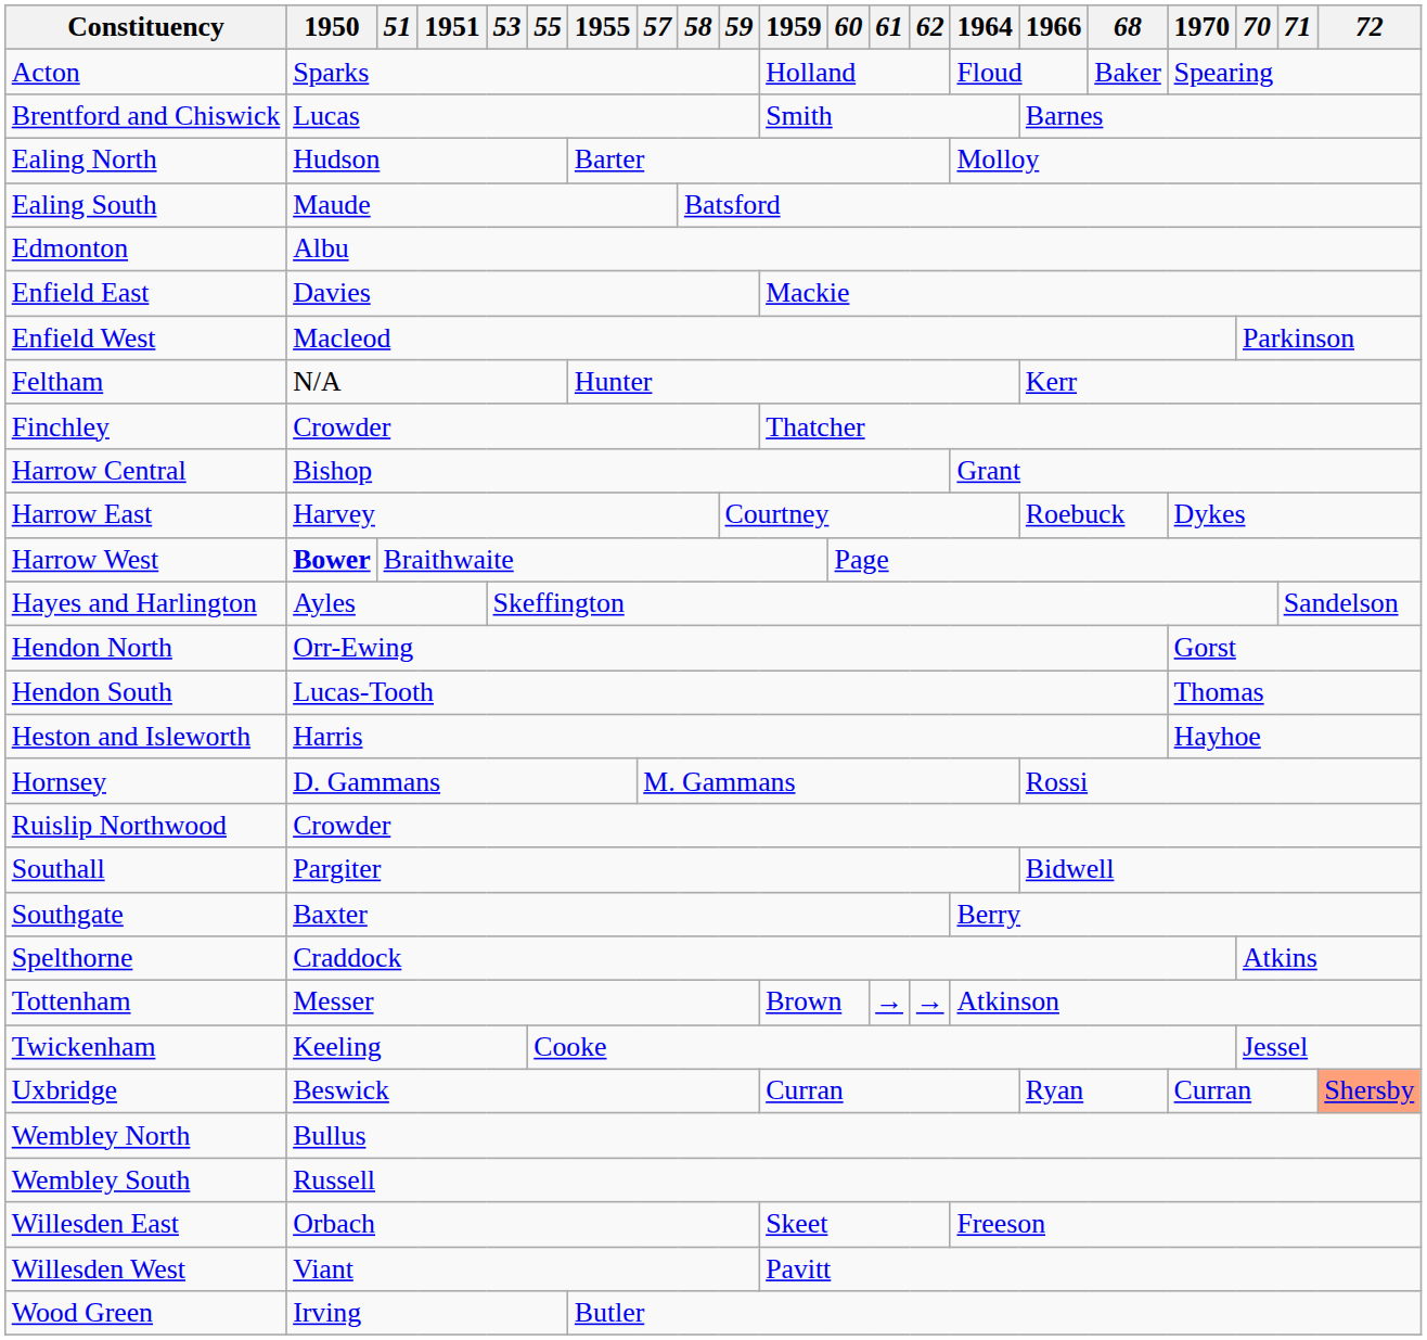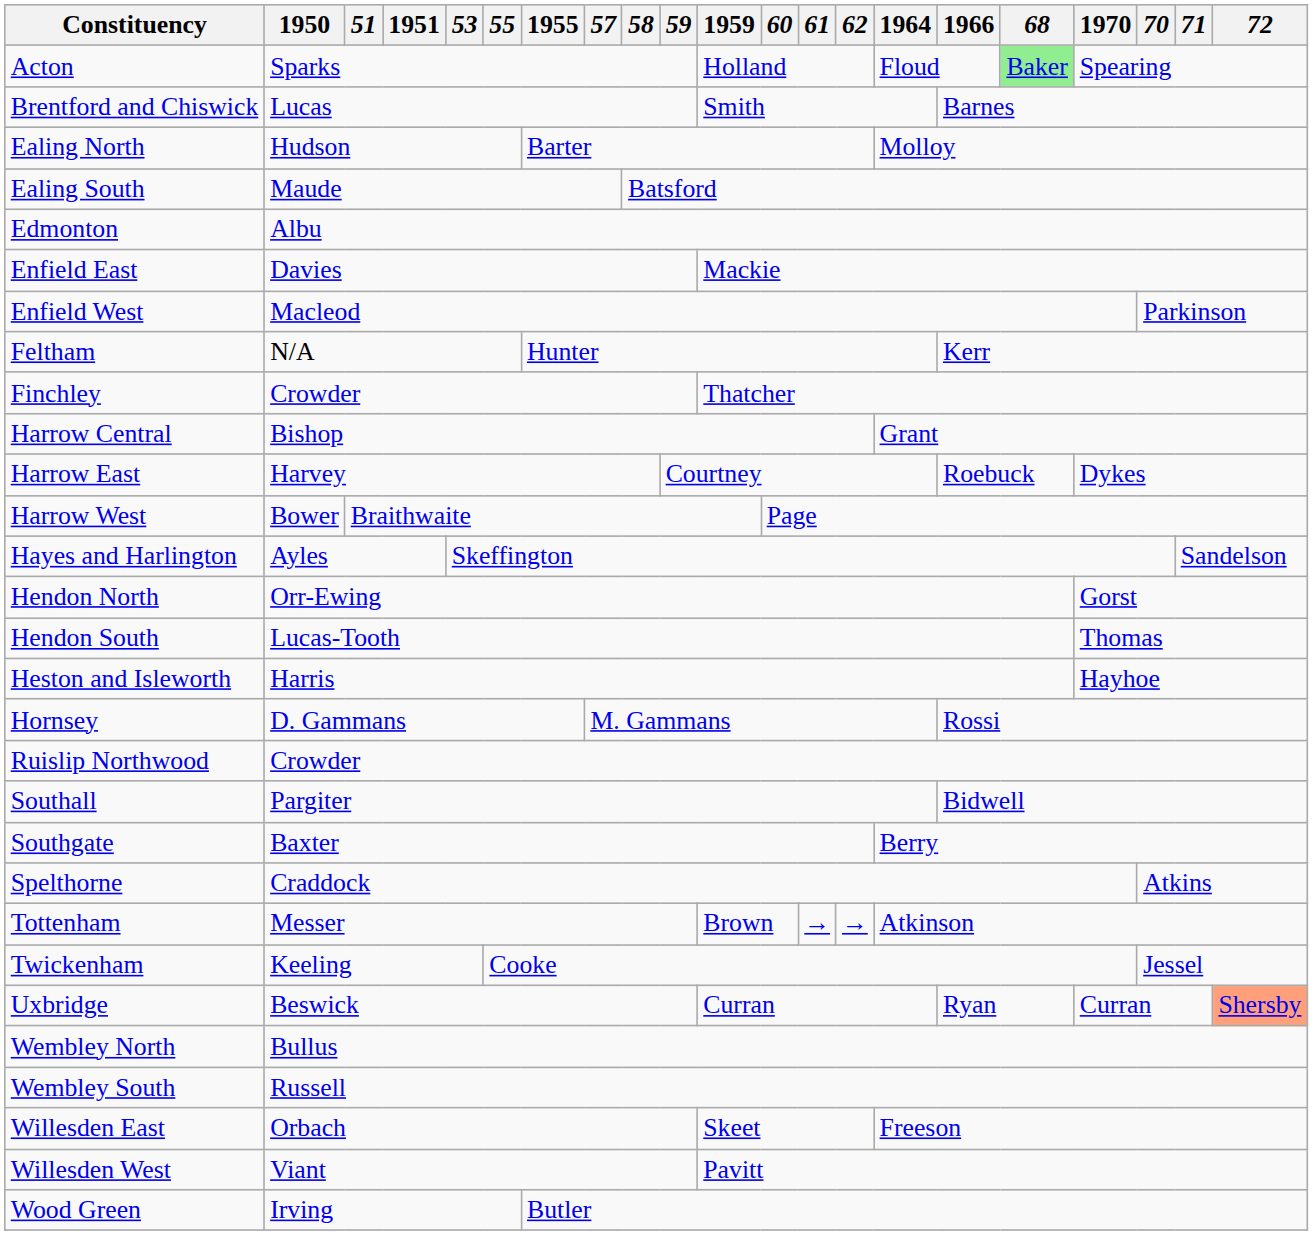 <table class="wikitable">
 <tr>
 <th>Constituency</th>
 <th>1950</th>
 <th><em>51</em></th>
 <th>1951</th>
 <th><em>53</em></th>
 <th><em>55</em></th>
 <th>1955</th>
 <th><em>57</em></th>
 <th><em>58</em></th>
 <th><em>59</em></th>
 <th>1959</th>
 <th><em>60</em></th>
 <th><em>61</em></th>
 <th><em>62</em></th>
 <th>1964</th>
 <th>1966</th>
 <th><em>68</em></th>
 <th>1970</th>
 <th><em>70</em></th>
 <th><em>71</em></th>
 <th><em>72</em></th>
 </tr>
 <tr>
 <td><a href='#'>Acton</a></td>
 <td colspan="9"><a href='#'>Sparks</a></td>
 <td colspan="4"><a href='#'>Holland</a></td>
 <td colspan="2" bgcolor=><a href='#'>Floud</a></td>
-<td><a href='#'>Baker</a></td>
+<td style="background: lightgreen;"><a href='#'>Baker</a></td>
 <td colspan="4"><a href='#'>Spearing</a></td>
 </tr>
 <tr>
 <td><a href='#'>Brentford and Chiswick</a></td>
 <td colspan="9"><a href='#'>Lucas</a></td>
 <td colspan="5"><a href='#'>Smith</a></td>
 <td colspan="6"><a href='#'>Barnes</a></td>
 </tr>
 <tr>
 <td><a href='#'>Ealing North</a></td>
 <td colspan="5"><a href='#'>Hudson</a></td>
 <td colspan="8"><a href='#'>Barter</a></td>
 <td colspan="7"><a href='#'>Molloy</a></td>
 </tr>
 <tr>
 <td><a href='#'>Ealing South</a></td>
 <td colspan="7"><a href='#'>Maude</a></td>
 <td colspan="13"><a href='#'>Batsford</a></td>
 </tr>
 <tr>
 <td><a href='#'>Edmonton</a></td>
 <td colspan="20"><a href='#'>Albu</a></td>
 </tr>
 <tr>
 <td><a href='#'>Enfield East</a></td>
 <td colspan="9"><a href='#'>Davies</a></td>
 <td colspan="11"><a href='#'>Mackie</a></td>
 </tr>
 <tr>
 <td><a href='#'>Enfield West</a></td>
 <td colspan="17"><a href='#'>Macleod</a></td>
 <td colspan="3"><a href='#'>Parkinson</a></td>
 </tr>
 <tr>
 <td><a href='#'>Feltham</a></td>
 <td colspan="5">N/A</td>
 <td colspan="9"><a href='#'>Hunter</a></td>
 <td colspan="6"><a href='#'>Kerr</a></td>
 </tr>
 <tr>
 <td><a href='#'>Finchley</a></td>
 <td colspan="9"><a href='#'>Crowder</a></td>
 <td colspan="11"><a href='#'>Thatcher</a></td>
 </tr>
 <tr>
 <td><a href='#'>Harrow Central</a></td>
 <td colspan="13"><a href='#'>Bishop</a></td>
 <td colspan="7"><a href='#'>Grant</a></td>
 </tr>
 <tr>
 <td><a href='#'>Harrow East</a></td>
 <td colspan="8"><a href='#'>Harvey</a></td>
 <td colspan="6"><a href='#'>Courtney</a></td>
 <td colspan="2"><a href='#'>Roebuck</a></td>
 <td colspan="4"><a href='#'>Dykes</a></td>
 </tr>
 <tr>
 <td><a href='#'>Harrow West</a></td>
-<td><strong><a href='#'>Bower</a></strong></td>
+<td><a href='#'>Bower</a></td>
 <td colspan="9"><a href='#'>Braithwaite</a></td>
 <td colspan="10"><a href='#'>Page</a></td>
 </tr>
 <tr>
 <td><a href='#'>Hayes and Harlington</a></td>
 <td colspan="3"><a href='#'>Ayles</a></td>
 <td colspan="15"><a href='#'>Skeffington</a></td>
 <td colspan="2"><a href='#'>Sandelson</a></td>
 </tr>
 <tr>
 <td><a href='#'>Hendon North</a></td>
 <td colspan="16"><a href='#'>Orr-Ewing</a></td>
 <td colspan="4"><a href='#'>Gorst</a></td>
 </tr>
 <tr>
 <td><a href='#'>Hendon South</a></td>
 <td colspan="16"><a href='#'>Lucas-Tooth</a></td>
 <td colspan="4"><a href='#'>Thomas</a></td>
 </tr>
 <tr>
 <td><a href='#'>Heston and Isleworth</a></td>
 <td colspan="16"><a href='#'>Harris</a></td>
 <td colspan="4"><a href='#'>Hayhoe</a></td>
 </tr>
 <tr>
 <td><a href='#'>Hornsey</a></td>
 <td colspan="6"><a href='#'>D. Gammans</a></td>
 <td colspan="8"><a href='#'>M. Gammans</a></td>
 <td colspan="6"><a href='#'>Rossi</a></td>
 </tr>
 <tr>
 <td><a href='#'>Ruislip Northwood</a></td>
 <td colspan="20"><a href='#'>Crowder</a></td>
 </tr>
 <tr>
 <td><a href='#'>Southall</a></td>
 <td colspan="14"><a href='#'>Pargiter</a></td>
 <td colspan="6"><a href='#'>Bidwell</a></td>
 </tr>
 <tr>
 <td><a href='#'>Southgate</a></td>
 <td colspan="13"><a href='#'>Baxter</a></td>
 <td colspan="7"><a href='#'>Berry</a></td>
 </tr>
 <tr>
 <td><a href='#'>Spelthorne</a></td>
 <td colspan="17"><a href='#'>Craddock</a></td>
 <td colspan="3"><a href='#'>Atkins</a></td>
 </tr>
 <tr>
 <td><a href='#'>Tottenham</a></td>
 <td colspan="9"><a href='#'>Messer</a></td>
 <td colspan="2"><a href='#'>Brown</a></td>
 <td><a href='#'>→</a></td>
 <td><a href='#'>→</a></td>
 <td colspan="7"><a href='#'>Atkinson</a></td>
 </tr>
 <tr>
 <td><a href='#'>Twickenham</a></td>
 <td colspan="4"><a href='#'>Keeling</a></td>
 <td colspan="13"><a href='#'>Cooke</a></td>
 <td colspan="3"><a href='#'>Jessel</a></td>
 </tr>
 <tr>
 <td><a href='#'>Uxbridge</a></td>
 <td colspan="9"><a href='#'>Beswick</a></td>
 <td colspan="5"><a href='#'>Curran</a></td>
 <td colspan="2"><a href='#'>Ryan</a></td>
 <td colspan="3"><a href='#'>Curran</a></td>
 <td style="background: lightsalmon;"><a href='#'>Shersby</a></td>
 </tr>
 <tr>
 <td><a href='#'>Wembley North</a></td>
 <td colspan="20"><a href='#'>Bullus</a></td>
 </tr>
 <tr>
 <td><a href='#'>Wembley South</a></td>
 <td colspan="20"><a href='#'>Russell</a></td>
 </tr>
 <tr>
 <td><a href='#'>Willesden East</a></td>
 <td colspan="9"><a href='#'>Orbach</a></td>
 <td colspan="4"><a href='#'>Skeet</a></td>
 <td colspan="7"><a href='#'>Freeson</a></td>
 </tr>
 <tr>
 <td><a href='#'>Willesden West</a></td>
 <td colspan="9"><a href='#'>Viant</a></td>
 <td colspan="11"><a href='#'>Pavitt</a></td>
 </tr>
 <tr>
 <td><a href='#'>Wood Green</a></td>
 <td colspan="5"><a href='#'>Irving</a></td>
 <td colspan="17"><a href='#'>Butler</a></td>
 </tr>
 </table>
